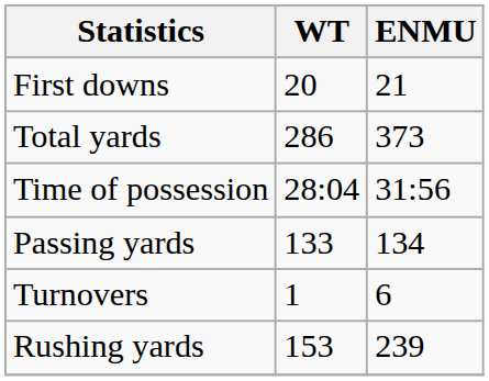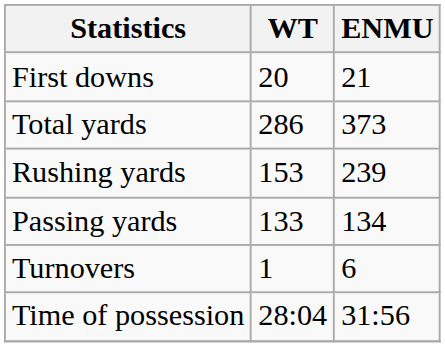 <table class="wikitable">
 <tr>
 <th>Statistics</th>
 <th>WT</th>
 <th>ENMU</th>
 </tr>
 <tr>
 <td>First downs</td>
 <td>20</td>
 <td>21</td>
 </tr>
 <tr>
 <td>Total yards</td>
 <td>286</td>
 <td>373</td>
 </tr>
 <tr>
-<td>Time of possession</td>
-<td>28:04</td>
-<td>31:56</td>
+<td>Rushing yards</td>
+<td>153</td>
+<td>239</td>
 </tr>
 <tr>
 <td>Passing yards</td>
 <td>133</td>
 <td>134</td>
 </tr>
 <tr>
 <td>Turnovers</td>
 <td>1</td>
 <td>6</td>
 </tr>
 <tr>
-<td>Rushing yards</td>
-<td>153</td>
-<td>239</td>
+<td>Time of possession</td>
+<td>28:04</td>
+<td>31:56</td>
 </tr>
 <tr>
 </tr>
 </table>
